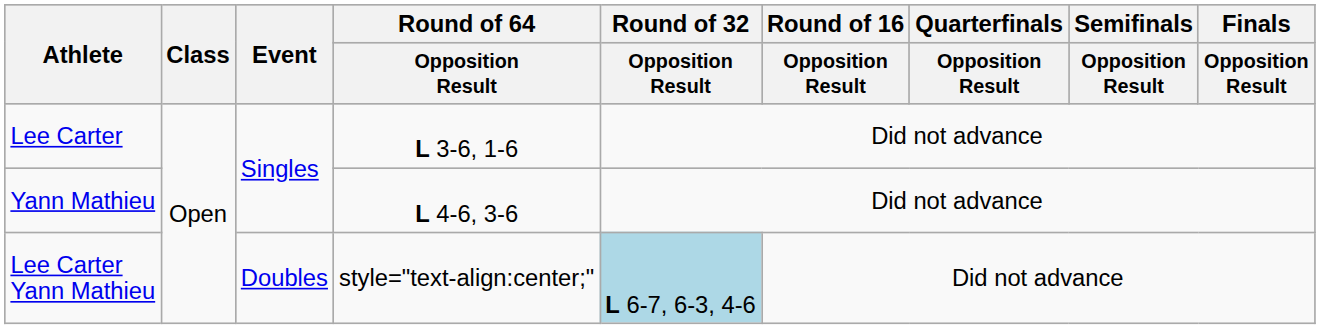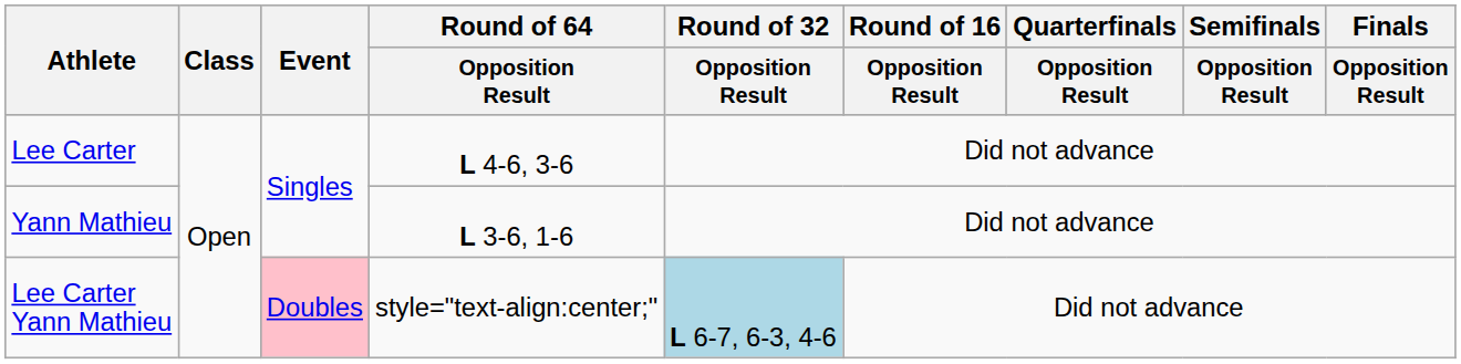 <table class=wikitable style="font-size:90%">
 <tr>
 <th rowspan="2">Athlete</th>
 <th rowspan="2">Class</th>
 <th rowspan="2">Event</th>
 <th>Round of 64</th>
 <th>Round of 32</th>
 <th>Round of 16</th>
 <th>Quarterfinals</th>
 <th>Semifinals</th>
 <th>Finals</th>
 </tr>
 <tr>
 <th style="line-height:1em"><small>Opposition<br>Result</small></th>
 <th style="line-height:1em"><small>Opposition<br>Result</small></th>
 <th style="line-height:1em"><small>Opposition<br>Result</small></th>
 <th style="line-height:1em"><small>Opposition<br>Result</small></th>
 <th style="line-height:1em"><small>Opposition<br>Result</small></th>
 <th style="line-height:1em"><small>Opposition<br>Result</small></th>
 </tr>
 <tr>
 <td><a href='#'>Lee Carter</a></td>
 <td rowspan="3" style="text-align:center;">Open</td>
 <td rowspan="2"><a href='#'>Singles</a></td>
+<td style="text-align:center;"><br><strong>L</strong> 4-6, 3-6</td>
+<td style="text-align:center;" colspan="5">Did not advance</td>
+</tr>
+<tr>
+<td><a href='#'>Yann Mathieu</a></td>
 <td style="text-align:center;"><br><strong>L</strong> 3-6, 1-6</td>
 <td style="text-align:center;" colspan="5">Did not advance</td>
 </tr>
 <tr>
-<td><a href='#'>Yann Mathieu</a></td>
-<td style="text-align:center;"><br><strong>L</strong> 4-6, 3-6</td>
-<td style="text-align:center;" colspan="5">Did not advance</td>
-</tr>
-<tr>
 <td><a href='#'>Lee Carter</a><br> <a href='#'>Yann Mathieu</a></td>
-<td><a href='#'>Doubles</a></td>
+<td style="background: pink;"><a href='#'>Doubles</a></td>
 <td>style="text-align:center;" </td>
 <td style="background: lightblue; text-align:center;"><br> <br><strong>L</strong> 6-7, 6-3, 4-6</td>
 <td style="text-align:center;" colspan="4">Did not advance</td>
 </tr>
 </table>
